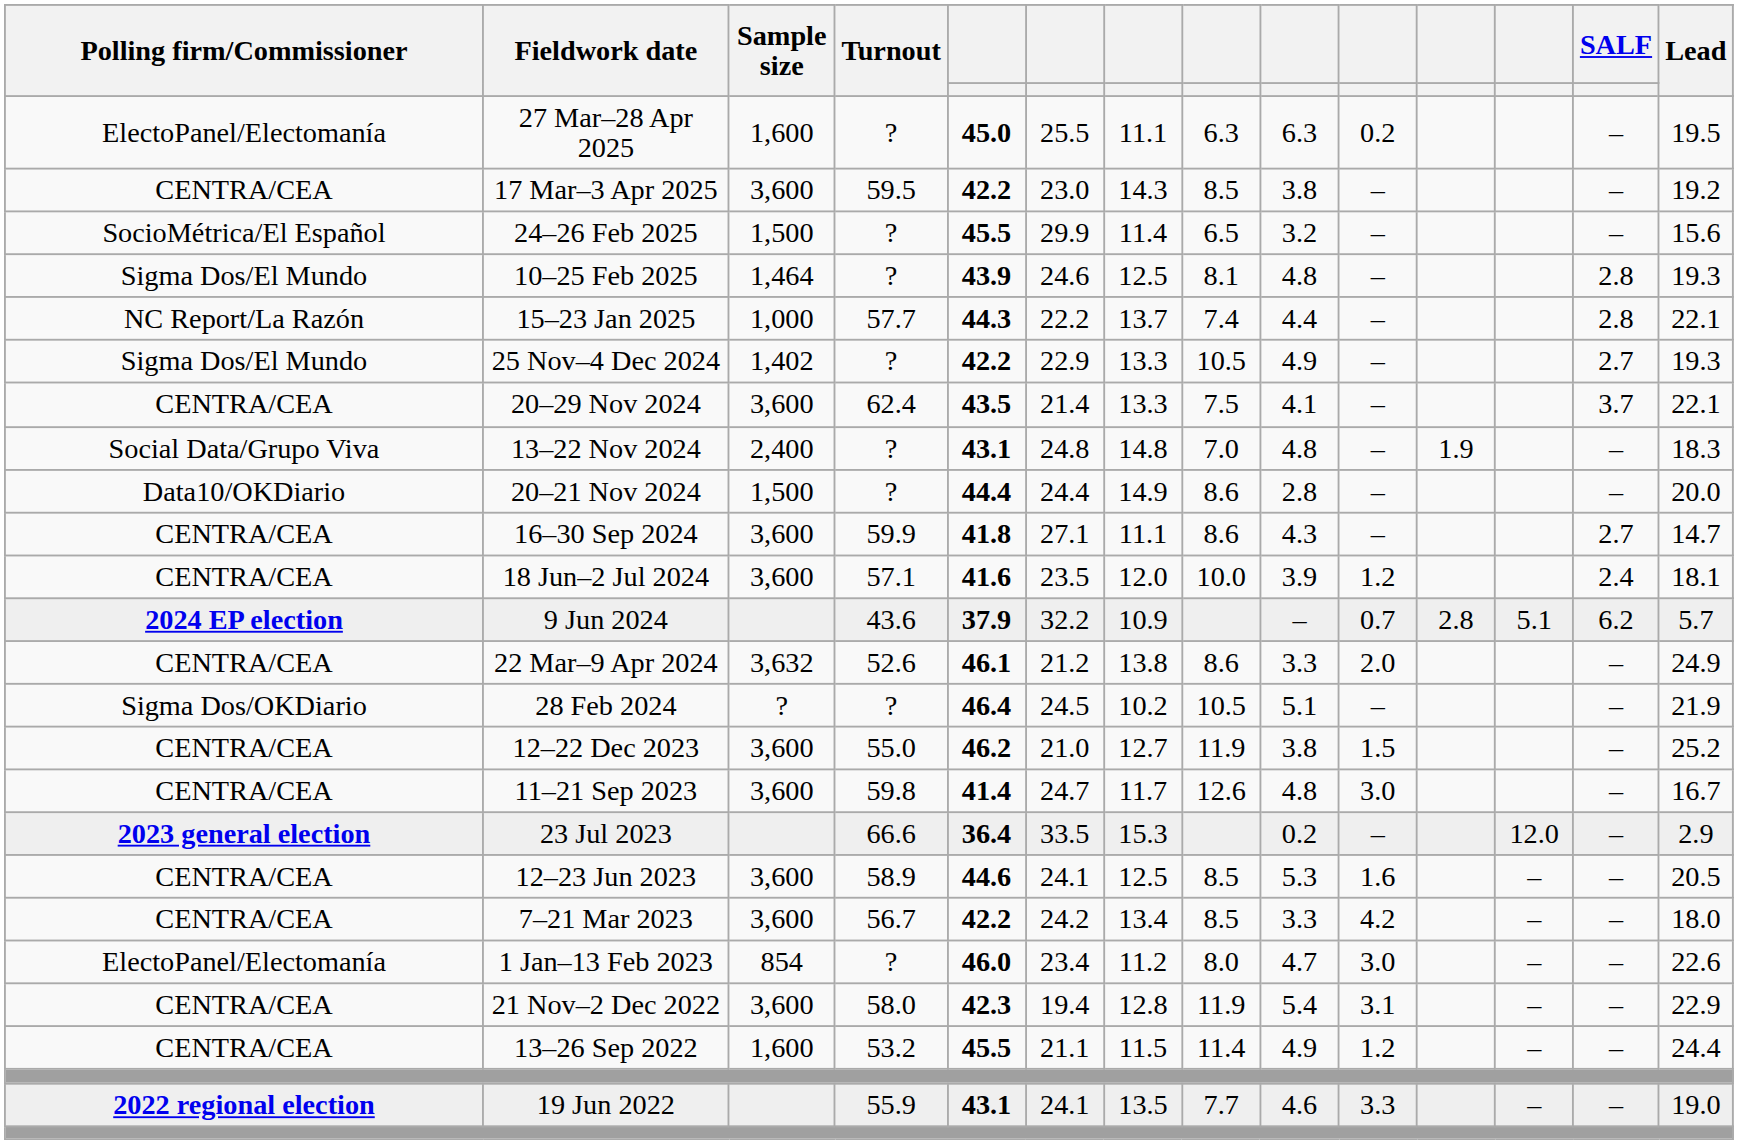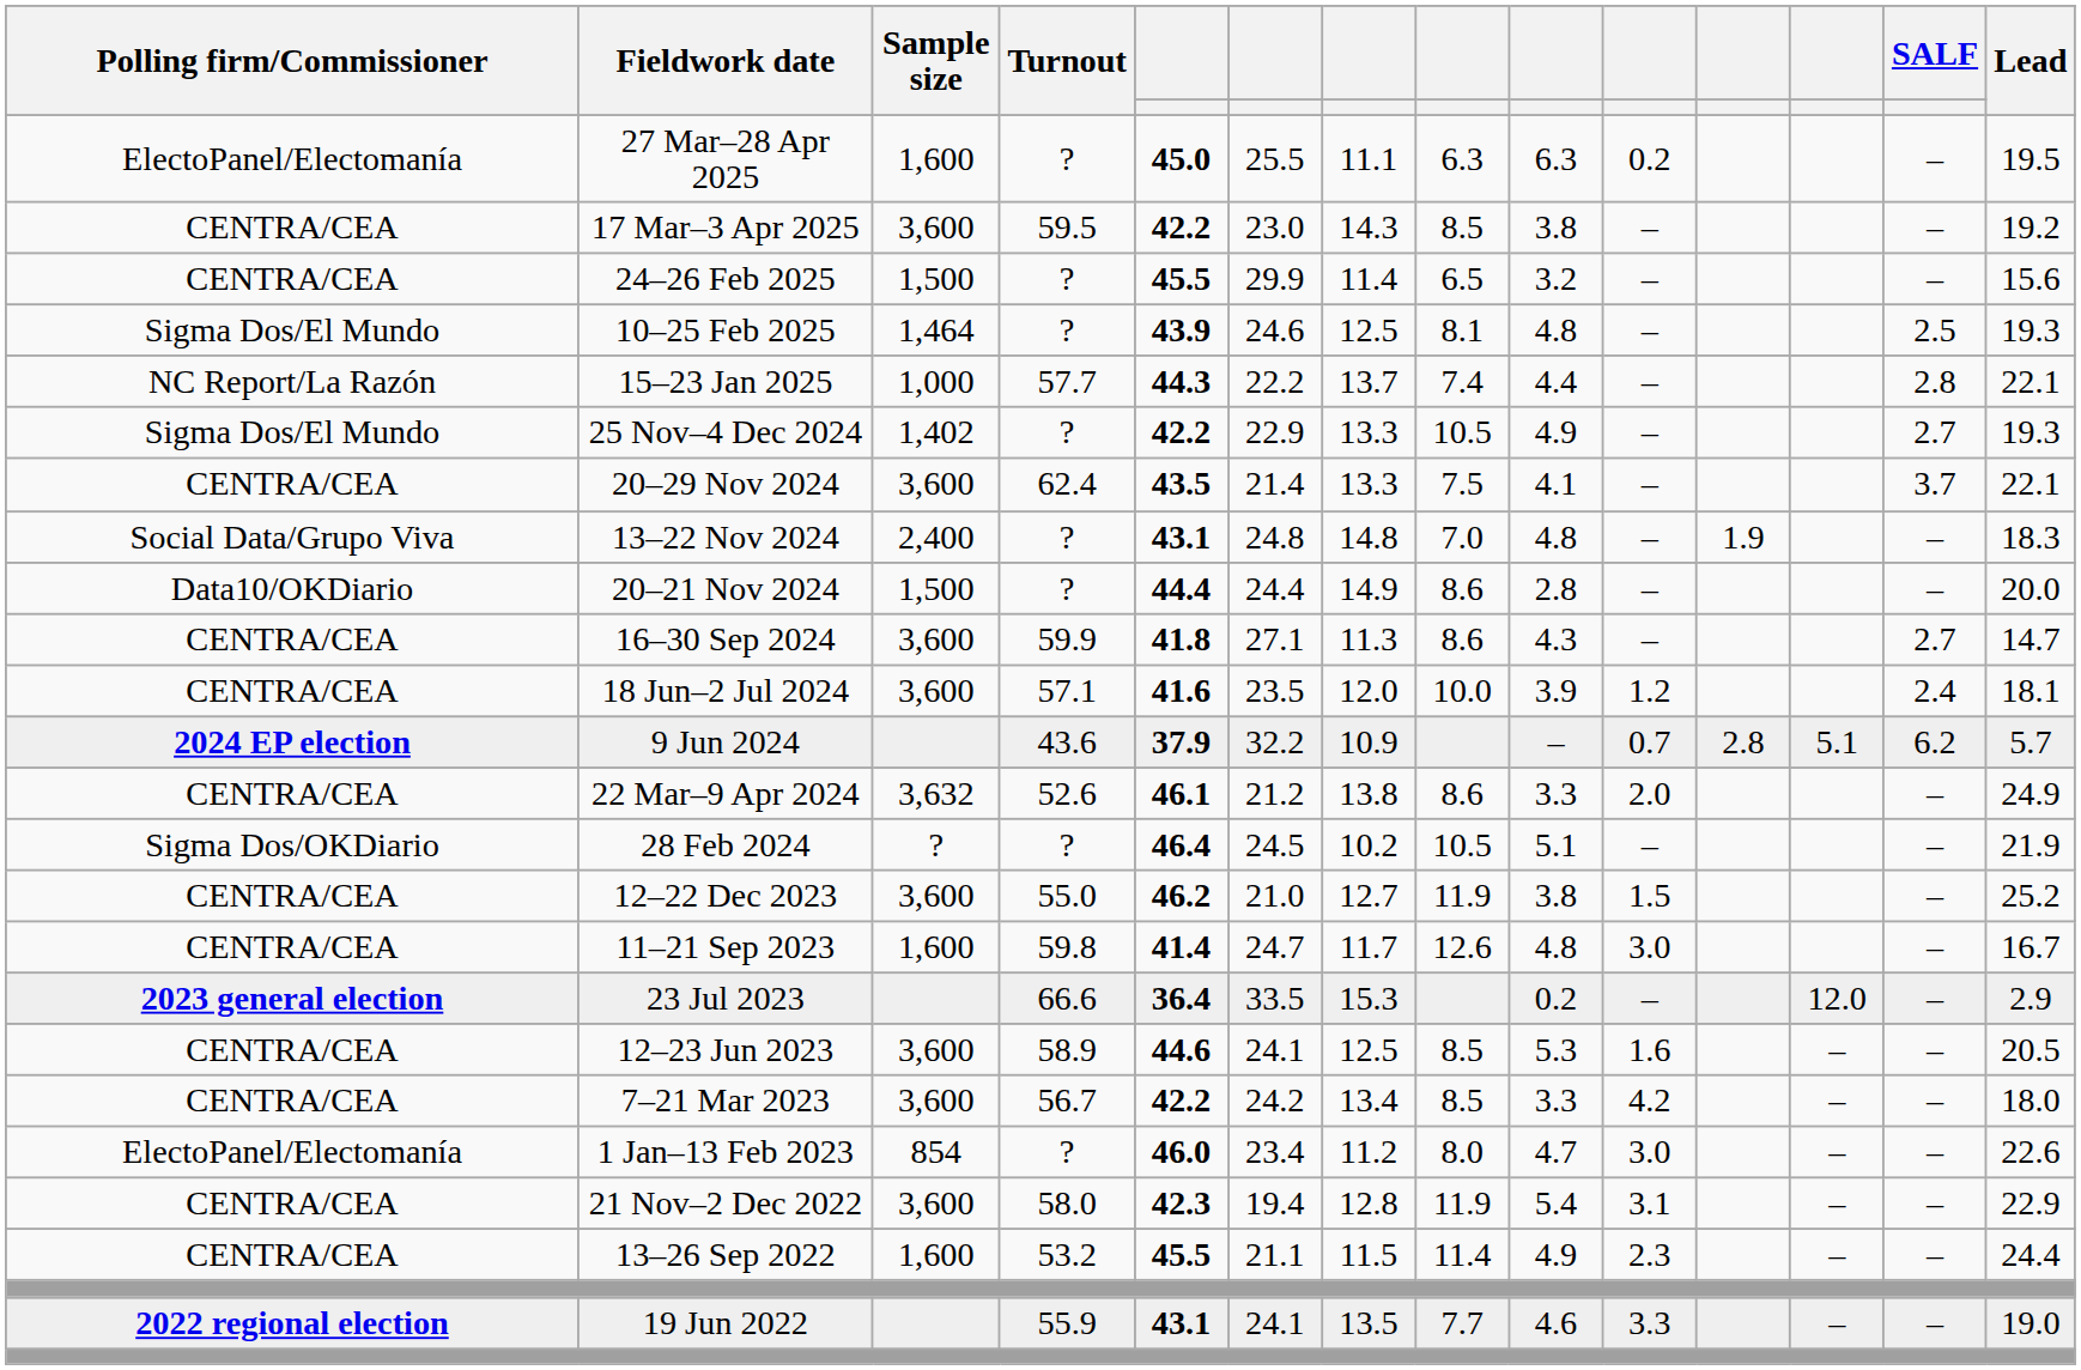 <table class="wikitable collapsible" style="text-align:center; font-size:95%; line-height:16px;">
 <tr style="height:42px;">
 <th style="width:250px;" rowspan="2">Polling firm/Commissioner</th>
 <th style="width:125px;" rowspan="2">Fieldwork date</th>
 <th style="width:50px;" rowspan="2">Sample size</th>
 <th style="width:45px;" rowspan="2">Turnout</th>
 <th style="width:35px;"></th>
 <th style="width:35px;"></th>
 <th style="width:35px;"></th>
 <th style="width:35px;"></th>
 <th style="width:35px;"></th>
 <th style="width:35px;"></th>
 <th style="width:35px;"></th>
 <th style="width:35px;"></th>
 <th style="width:35px;"><a href='#'>SALF</a></th>
 <th style="width:30px;" rowspan="2">Lead</th>
 </tr>
 <tr>
 <th style="color:inherit;background:"></th>
 <th style="color:inherit;background:"></th>
 <th style="color:inherit;background:"></th>
 <th style="color:inherit;background:"></th>
 <th style="color:inherit;background:"></th>
 <th style="color:inherit;background:"></th>
 <th style="color:inherit;background:"></th>
 <th style="color:inherit;background:"></th>
 <th style="color:inherit;background:"></th>
 </tr>
 <tr>
 <td>ElectoPanel/Electomanía</td>
 <td>27 Mar–28 Apr 2025</td>
 <td>1,600</td>
 <td>?</td>
 <td><strong>45.0</strong><br></td>
 <td>25.5<br></td>
 <td>11.1<br></td>
 <td>6.3<br></td>
 <td>6.3<br></td>
 <td>0.2<br></td>
 <td></td>
 <td></td>
 <td>–</td>
 <td style="background:">19.5</td>
 </tr>
 <tr>
 <td>CENTRA/CEA</td>
 <td>17 Mar–3 Apr 2025</td>
 <td>3,600</td>
 <td>59.5</td>
 <td><strong>42.2</strong><br></td>
 <td>23.0<br></td>
 <td>14.3<br></td>
 <td>8.5<br></td>
 <td>3.8<br></td>
 <td>–</td>
 <td></td>
 <td></td>
 <td>–</td>
 <td style="background:">19.2</td>
 </tr>
 <tr>
-<td>SocioMétrica/El Español</td>
+<td>CENTRA/CEA</td>
 <td>24–26 Feb 2025</td>
 <td>1,500</td>
 <td>?</td>
 <td><strong>45.5</strong><br></td>
 <td>29.9<br></td>
 <td>11.4<br></td>
 <td>6.5<br></td>
 <td>3.2<br></td>
 <td>–</td>
 <td></td>
 <td></td>
 <td>–</td>
 <td style="background:">15.6</td>
 </tr>
 <tr>
 <td>Sigma Dos/El Mundo</td>
 <td>10–25 Feb 2025</td>
 <td>1,464</td>
 <td>?</td>
 <td><strong>43.9</strong><br></td>
 <td>24.6<br></td>
 <td>12.5<br></td>
 <td>8.1<br></td>
 <td>4.8<br></td>
 <td>–</td>
 <td></td>
 <td></td>
-<td>2.8<br></td>
+<td>2.5<br></td>
 <td style="background:">19.3</td>
 </tr>
 <tr>
 <td>NC Report/La Razón</td>
 <td>15–23 Jan 2025</td>
 <td>1,000</td>
 <td>57.7</td>
 <td><strong>44.3</strong><br></td>
 <td>22.2<br></td>
 <td>13.7<br></td>
 <td>7.4<br></td>
 <td>4.4<br></td>
 <td>–</td>
 <td></td>
 <td></td>
 <td>2.8<br></td>
 <td style="background:">22.1</td>
 </tr>
 <tr>
 <td>Sigma Dos/El Mundo</td>
 <td>25 Nov–4 Dec 2024</td>
 <td>1,402</td>
 <td>?</td>
 <td><strong>42.2</strong><br></td>
 <td>22.9<br></td>
 <td>13.3<br></td>
 <td>10.5<br></td>
 <td>4.9<br></td>
 <td>–</td>
 <td></td>
 <td></td>
 <td>2.7<br></td>
 <td style="background:">19.3</td>
 </tr>
 <tr>
 <td>CENTRA/CEA</td>
 <td>20–29 Nov 2024</td>
 <td>3,600</td>
 <td>62.4</td>
 <td><strong>43.5</strong><br></td>
 <td>21.4<br></td>
 <td>13.3<br></td>
 <td>7.5<br></td>
 <td>4.1<br></td>
 <td>–</td>
 <td></td>
 <td></td>
 <td>3.7<br></td>
 <td style="background:">22.1</td>
 </tr>
 <tr>
 <td>Social Data/Grupo Viva</td>
 <td>13–22 Nov 2024</td>
 <td>2,400</td>
 <td>?</td>
 <td><strong>43.1</strong><br></td>
 <td>24.8<br></td>
 <td>14.8<br></td>
 <td>7.0<br></td>
 <td>4.8<br></td>
 <td>–</td>
 <td>1.9<br></td>
 <td></td>
 <td>–</td>
 <td style="background:">18.3</td>
 </tr>
 <tr>
 <td>Data10/OKDiario</td>
 <td>20–21 Nov 2024</td>
 <td>1,500</td>
 <td>?</td>
 <td><strong>44.4</strong><br></td>
 <td>24.4<br></td>
 <td>14.9<br></td>
 <td>8.6<br></td>
 <td>2.8<br></td>
 <td>–</td>
 <td></td>
 <td></td>
 <td>–</td>
 <td style="background:">20.0</td>
 </tr>
 <tr>
 <td>CENTRA/CEA</td>
 <td>16–30 Sep 2024</td>
 <td>3,600</td>
 <td>59.9</td>
 <td><strong>41.8</strong><br></td>
 <td>27.1<br></td>
-<td>11.1<br></td>
+<td>11.3<br></td>
 <td>8.6<br></td>
 <td>4.3<br></td>
 <td>–</td>
 <td></td>
 <td></td>
 <td>2.7<br></td>
 <td style="background:">14.7</td>
 </tr>
 <tr>
 <td>CENTRA/CEA</td>
 <td>18 Jun–2 Jul 2024</td>
 <td>3,600</td>
 <td>57.1</td>
 <td><strong>41.6</strong><br></td>
 <td>23.5<br></td>
 <td>12.0<br></td>
 <td>10.0<br></td>
 <td>3.9<br></td>
 <td>1.2<br></td>
 <td></td>
 <td></td>
 <td>2.4<br></td>
 <td style="background:">18.1</td>
 </tr>
 <tr style="background:#EFEFEF;">
 <td><strong><a href='#'>2024 EP election</a></strong></td>
 <td>9 Jun 2024</td>
 <td></td>
 <td>43.6</td>
 <td><strong>37.9</strong><br></td>
 <td>32.2<br></td>
 <td>10.9<br></td>
 <td></td>
 <td>–</td>
 <td>0.7<br></td>
 <td>2.8<br></td>
 <td>5.1<br></td>
 <td>6.2<br></td>
 <td style="background:">5.7</td>
 </tr>
 <tr>
 <td>CENTRA/CEA</td>
 <td>22 Mar–9 Apr 2024</td>
 <td>3,632</td>
 <td>52.6</td>
 <td><strong>46.1</strong><br></td>
 <td>21.2<br></td>
 <td>13.8<br></td>
 <td>8.6<br></td>
 <td>3.3<br></td>
 <td>2.0<br></td>
 <td></td>
 <td></td>
 <td>–</td>
 <td style="background:">24.9</td>
 </tr>
 <tr>
 <td>Sigma Dos/OKDiario</td>
 <td>28 Feb 2024</td>
 <td>?</td>
 <td>?</td>
 <td><strong>46.4</strong><br></td>
 <td>24.5<br></td>
 <td>10.2<br></td>
 <td>10.5<br></td>
 <td>5.1<br></td>
 <td>–</td>
 <td></td>
 <td></td>
 <td>–</td>
 <td style="background:">21.9</td>
 </tr>
 <tr>
 <td>CENTRA/CEA</td>
 <td>12–22 Dec 2023</td>
 <td>3,600</td>
 <td>55.0</td>
 <td><strong>46.2</strong><br></td>
 <td>21.0<br></td>
 <td>12.7<br></td>
 <td>11.9<br></td>
 <td>3.8<br></td>
 <td>1.5<br></td>
 <td></td>
 <td></td>
 <td>–</td>
 <td style="background:">25.2</td>
 </tr>
 <tr>
 <td>CENTRA/CEA</td>
 <td>11–21 Sep 2023</td>
-<td>3,600</td>
+<td>1,600</td>
 <td>59.8</td>
 <td><strong>41.4</strong><br></td>
 <td>24.7<br></td>
 <td>11.7<br></td>
 <td>12.6<br></td>
 <td>4.8<br></td>
 <td>3.0<br></td>
 <td></td>
 <td></td>
 <td>–</td>
 <td style="background:">16.7</td>
 </tr>
 <tr style="background:#EFEFEF;">
 <td><strong><a href='#'>2023 general election</a></strong></td>
 <td>23 Jul 2023</td>
 <td></td>
 <td>66.6</td>
 <td><strong>36.4</strong><br></td>
 <td>33.5<br></td>
 <td>15.3<br></td>
 <td></td>
 <td>0.2<br></td>
 <td>–</td>
 <td></td>
 <td>12.0<br></td>
 <td>–</td>
 <td style="background:">2.9</td>
 </tr>
 <tr>
 <td>CENTRA/CEA</td>
 <td>12–23 Jun 2023</td>
 <td>3,600</td>
 <td>58.9</td>
 <td><strong>44.6</strong><br></td>
 <td>24.1<br></td>
 <td>12.5<br></td>
 <td>8.5<br></td>
 <td>5.3<br></td>
 <td>1.6<br></td>
 <td></td>
 <td>–</td>
 <td>–</td>
 <td style="background:">20.5</td>
 </tr>
 <tr>
 <td>CENTRA/CEA</td>
 <td>7–21 Mar 2023</td>
 <td>3,600</td>
 <td>56.7</td>
 <td><strong>42.2</strong><br></td>
 <td>24.2<br></td>
 <td>13.4<br></td>
 <td>8.5<br></td>
 <td>3.3<br></td>
 <td>4.2<br></td>
 <td></td>
 <td>–</td>
 <td>–</td>
 <td style="background:">18.0</td>
 </tr>
 <tr>
 <td>ElectoPanel/Electomanía</td>
 <td>1 Jan–13 Feb 2023</td>
 <td>854</td>
 <td>?</td>
 <td><strong>46.0</strong><br></td>
 <td>23.4<br></td>
 <td>11.2<br></td>
 <td>8.0<br></td>
 <td>4.7<br></td>
 <td>3.0<br></td>
 <td></td>
 <td>–</td>
 <td>–</td>
 <td style="background:">22.6</td>
 </tr>
 <tr>
 <td>CENTRA/CEA</td>
 <td>21 Nov–2 Dec 2022</td>
 <td>3,600</td>
 <td>58.0</td>
 <td><strong>42.3</strong><br></td>
 <td>19.4<br></td>
 <td>12.8<br></td>
 <td>11.9<br></td>
 <td>5.4<br></td>
 <td>3.1<br></td>
 <td></td>
 <td>–</td>
 <td>–</td>
 <td style="background:">22.9</td>
 </tr>
 <tr>
 <td>CENTRA/CEA</td>
 <td>13–26 Sep 2022</td>
 <td>1,600</td>
 <td>53.2</td>
 <td><strong>45.5</strong><br></td>
 <td>21.1<br></td>
 <td>11.5<br></td>
 <td>11.4<br></td>
 <td>4.9<br></td>
-<td>1.2<br></td>
+<td>2.3<br></td>
 <td></td>
 <td>–</td>
 <td>–</td>
 <td style="background:">24.4</td>
 </tr>
 <tr>
 <td colspan="14" style="background:#A0A0A0"></td>
 </tr>
 <tr style="background:#EFEFEF;">
 <td><strong><a href='#'>2022 regional election</a></strong></td>
 <td>19 Jun 2022</td>
 <td></td>
 <td>55.9</td>
 <td><strong>43.1</strong><br></td>
 <td>24.1<br></td>
 <td>13.5<br></td>
 <td>7.7<br></td>
 <td>4.6<br></td>
 <td>3.3<br></td>
 <td></td>
 <td>–</td>
 <td>–</td>
 <td style="background:">19.0</td>
 </tr>
 <tr>
 <td colspan="14" style="background:#A0A0A0"></td>
 </tr>
 </table>
